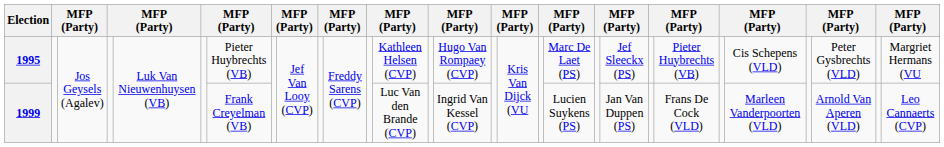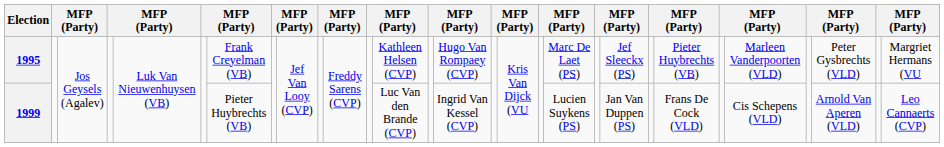 <table class="wikitable" style="text-align:center">
 <tr>
 <th>Election</th>
 <th colspan=2>MFP<br>(Party)</th>
 <th colspan=2>MFP<br>(Party)</th>
 <th colspan=2>MFP<br>(Party)</th>
 <th colspan=2>MFP<br>(Party)</th>
 <th colspan=2>MFP<br>(Party)</th>
 <th colspan=2>MFP<br>(Party)</th>
 <th colspan=2>MFP<br>(Party)</th>
 <th colspan=2>MFP<br>(Party)</th>
 <th colspan=2>MFP<br>(Party)</th>
 <th colspan=2>MFP<br>(Party)</th>
 <th colspan=2>MFP<br>(Party)</th>
 <th colspan=2>MFP<br>(Party)</th>
 <th colspan=2>MFP<br>(Party)</th>
 <th colspan=2>MFP<br>(Party)</th>
 </tr>
 <tr>
 <th><a href='#'>1995</a></th>
 <td rowspan=2; style="background-color: "></td>
 <td rowspan=2><a href='#'>Jos Geysels</a><br>(Agalev)</td>
 <td rowspan=2; style="background-color: "></td>
 <td rowspan=2><a href='#'>Luk Van Nieuwenhuysen</a><br>(<a href='#'>VB</a>)</td>
 <td rowspan=2; style="background-color: "></td>
-<td>Pieter Huybrechts<br>(<a href='#'>VB</a>)</td>
+<td><a href='#'>Frank Creyelman</a><br>(<a href='#'>VB</a>)</td>
 <td rowspan=2; style="background-color: "></td>
 <td rowspan=2><a href='#'>Jef Van Looy</a><br>(<a href='#'>CVP</a>)</td>
 <td rowspan=2; style="background-color: "></td>
 <td rowspan=2><a href='#'>Freddy Sarens</a><br>(<a href='#'>CVP</a>)</td>
 <td rowspan=2; style="background-color: "></td>
 <td><a href='#'>Kathleen Helsen</a><br>(<a href='#'>CVP</a>)</td>
 <td rowspan=2; style="background-color: "></td>
 <td><a href='#'>Hugo Van Rompaey</a><br>(<a href='#'>CVP</a>)</td>
 <td rowspan=2; style="background-color: "></td>
 <td rowspan=2><a href='#'>Kris Van Dijck</a><br>(<a href='#'>VU</a></td>
 <td rowspan=2; style="background-color: "></td>
 <td><a href='#'>Marc De Laet</a><br>(<a href='#'>PS</a>)</td>
 <td rowspan=2; style="background-color: "></td>
 <td><a href='#'>Jef Sleeckx</a><br>(<a href='#'>PS</a>)</td>
 <td rowspan=1; style="background-color: "></td>
 <td><a href='#'>Pieter Huybrechts</a><br>(<a href='#'>VB</a>)</td>
 <td rowspan=2; style="background-color: "></td>
-<td>Cis Schepens<br>(<a href='#'>VLD</a>)</td>
+<td><a href='#'>Marleen Vanderpoorten</a><br>(<a href='#'>VLD</a>)</td>
 <td rowspan=2; style="background-color: "></td>
 <td>Peter Gysbrechts<br>(<a href='#'>VLD</a>)</td>
 <td rowspan=1; style="background-color: "></td>
 <td>Margriet Hermans<br>(<a href='#'>VU</a></td>
 </tr>
 <tr>
 <th><a href='#'>1999</a></th>
-<td><a href='#'>Frank Creyelman</a><br>(<a href='#'>VB</a>)</td>
+<td>Pieter Huybrechts<br>(<a href='#'>VB</a>)</td>
 <td>Luc Van den Brande<br>(<a href='#'>CVP</a>)</td>
 <td>Ingrid Van Kessel<br>(<a href='#'>CVP</a>)</td>
 <td>Lucien Suykens<br>(<a href='#'>PS</a>)</td>
 <td>Jan Van Duppen<br>(<a href='#'>PS</a>)</td>
 <td rowspan=1; style="background-color: "></td>
 <td>Frans De Cock<br>(<a href='#'>VLD</a>)</td>
-<td><a href='#'>Marleen Vanderpoorten</a><br>(<a href='#'>VLD</a>)</td>
+<td>Cis Schepens<br>(<a href='#'>VLD</a>)</td>
 <td><a href='#'>Arnold Van Aperen</a><br>(<a href='#'>VLD</a>)</td>
 <td rowspan=1; style="background-color: "></td>
 <td><a href='#'>Leo Cannaerts</a><br>(<a href='#'>CVP</a>)</td>
 </tr>
 </table>
